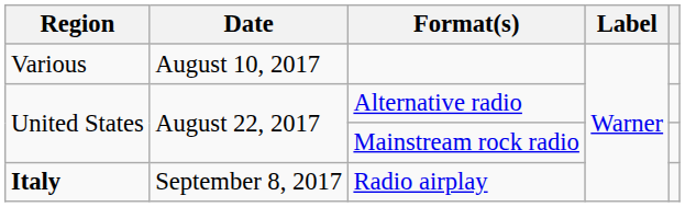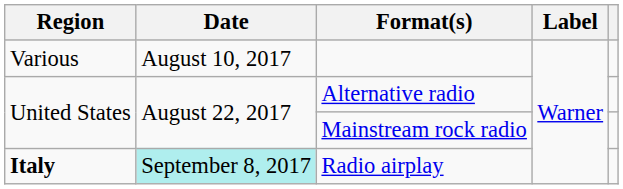 <table class="wikitable">
 <tr>
 <th>Region</th>
 <th>Date</th>
 <th>Format(s)</th>
 <th>Label</th>
 <th></th>
 </tr>
 <tr>
 <td>Various</td>
 <td>August 10, 2017</td>
 <td></td>
 <td rowspan="4"><a href='#'>Warner</a></td>
 <td></td>
 </tr>
 <tr>
 <td rowspan="2">United States</td>
 <td rowspan="2">August 22, 2017</td>
 <td><a href='#'>Alternative radio</a></td>
 <td></td>
 </tr>
 <tr>
 <td><a href='#'>Mainstream rock radio</a></td>
 <td></td>
 </tr>
 <tr>
 <td><strong>Italy</strong></td>
-<td>September 8, 2017</td>
+<td style="background: paleturquoise;">September 8, 2017</td>
 <td><a href='#'>Radio airplay</a></td>
 <td></td>
 </tr>
 </table>
